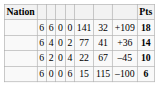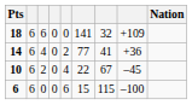 <table class="wikitable" style="text-align: center;">
 <tr>
-<th>Nation</th>
+<th>Pts</th>
 <th></th>
 <th></th>
 <th></th>
 <th></th>
 <th></th>
 <th></th>
 <th></th>
-<th>Pts</th>
+<th>Nation</th>
 </tr>
 <tr>
-<td align=left></td>
+<td><strong>18</strong></td>
 <td>6</td>
 <td>6</td>
 <td>0</td>
 <td>0</td>
 <td>141</td>
 <td>32</td>
 <td>+109</td>
-<td><strong>18</strong></td>
+<td align=left></td>
 </tr>
 <tr>
-<td align=left></td>
+<td><strong>14</strong></td>
 <td>6</td>
 <td>4</td>
 <td>0</td>
 <td>2</td>
 <td>77</td>
 <td>41</td>
 <td>+36</td>
-<td><strong>14</strong></td>
+<td align=left></td>
 </tr>
 <tr>
-<td align=left></td>
+<td><strong>10</strong></td>
 <td>6</td>
 <td>2</td>
 <td>0</td>
 <td>4</td>
 <td>22</td>
 <td>67</td>
 <td>–45</td>
-<td><strong>10</strong></td>
+<td align=left></td>
 </tr>
 <tr>
-<td align=left></td>
+<td><strong>6</strong></td>
 <td>6</td>
 <td>0</td>
 <td>0</td>
 <td>6</td>
 <td>15</td>
 <td>115</td>
 <td>–100</td>
-<td><strong>6</strong></td>
+<td align=left></td>
 </tr>
 </table>
